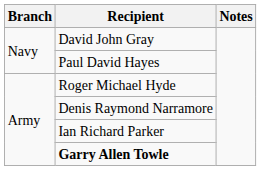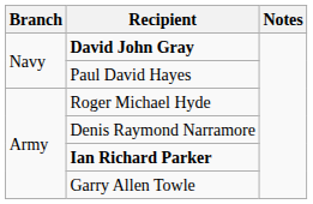 <table class="wikitable" style="font-size:95%;">
 <tr>
 <th>Branch</th>
 <th>Recipient</th>
 <th>Notes</th>
 </tr>
 <tr>
 <td rowspan=2>Navy</td>
-<td> David John Gray</td>
+<td><strong> David John Gray</strong></td>
 <td rowspan=6></td>
 </tr>
 <tr>
 <td> Paul David Hayes</td>
 </tr>
 <tr>
 <td rowspan=4>Army</td>
 <td> Roger Michael Hyde</td>
 </tr>
 <tr>
 <td> Denis Raymond Narramore</td>
 </tr>
 <tr>
-<td> Ian Richard Parker</td>
+<td><strong> Ian Richard Parker</strong></td>
 </tr>
 <tr>
-<td><strong> Garry Allen Towle</strong></td>
+<td> Garry Allen Towle</td>
 </tr>
 </table>
